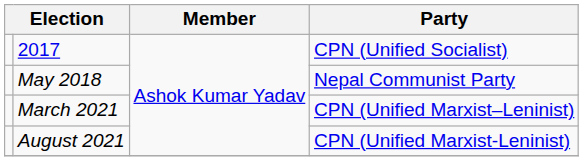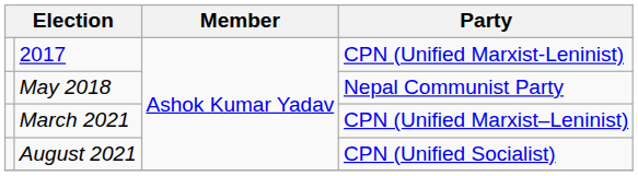 <table class="wikitable">
 <tr>
 <th colspan="2">Election</th>
 <th>Member</th>
 <th>Party</th>
 </tr>
 <tr>
 <td style="background-color:"></td>
 <td><a href='#'>2017</a></td>
 <td rowspan="4"><a href='#'>Ashok Kumar Yadav</a></td>
-<td><a href='#'>CPN (Unified Socialist)</a></td>
+<td><a href='#'>CPN (Unified Marxist-Leninist)</a></td>
 </tr>
 <tr>
 <td style="background-color:"></td>
 <td><em>May 2018</em></td>
 <td><a href='#'>Nepal Communist Party</a></td>
 </tr>
 <tr>
 <td style="background-color:"></td>
 <td><em>March 2021</em></td>
 <td><a href='#'>CPN (Unified Marxist–Leninist)</a></td>
 </tr>
 <tr>
 <td style="background-color:"></td>
 <td><em>August 2021</em></td>
-<td><a href='#'>CPN (Unified Marxist-Leninist)</a></td>
+<td><a href='#'>CPN (Unified Socialist)</a></td>
 </tr>
 <tr>
 </tr>
 </table>
